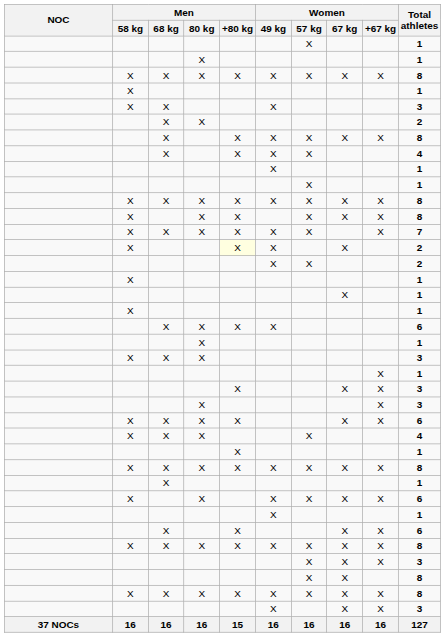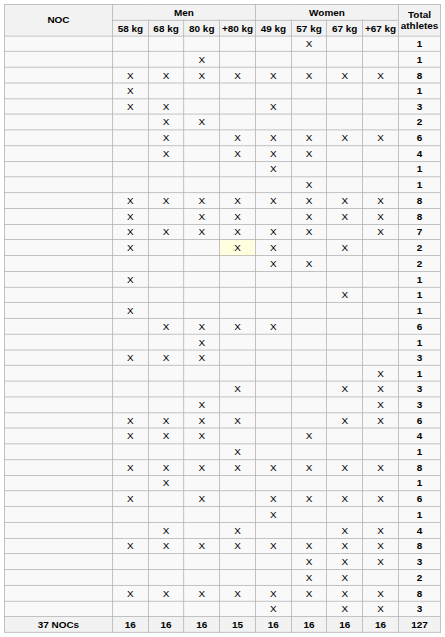 <table class="wikitable" style="text-align:center; font-size:90%">
 <tr>
 <th rowspan=2 width=150 align=left>NOC</th>
 <th colspan=4>Men</th>
 <th colspan=4>Women</th>
 <th rowspan=2>Total<br>athletes</th>
 </tr>
 <tr>
 <th width=45>58 kg</th>
 <th width=45>68 kg</th>
 <th width=45>80 kg</th>
 <th width=45>+80 kg</th>
 <th width=45>49 kg</th>
 <th width=45>57 kg</th>
 <th width=45>67 kg</th>
 <th width=45>+67 kg</th>
 </tr>
 <tr>
 <td align=left></td>
 <td></td>
 <td></td>
 <td></td>
 <td></td>
 <td></td>
 <td>X</td>
 <td></td>
 <td></td>
 <td><strong>1</strong></td>
 </tr>
 <tr>
 <td align=left></td>
 <td></td>
 <td></td>
 <td>X</td>
 <td></td>
 <td></td>
 <td></td>
 <td></td>
 <td></td>
 <td><strong>1</strong></td>
 </tr>
 <tr>
 <td align=left></td>
 <td>X</td>
 <td>X</td>
 <td>X</td>
 <td>X</td>
 <td>X</td>
 <td>X</td>
 <td>X</td>
 <td>X</td>
 <td><strong>8</strong></td>
 </tr>
 <tr>
 <td align=left></td>
 <td>X</td>
 <td></td>
 <td></td>
 <td></td>
 <td></td>
 <td></td>
 <td></td>
 <td></td>
 <td><strong>1</strong></td>
 </tr>
 <tr>
 <td align=left></td>
 <td>X</td>
 <td>X</td>
 <td></td>
 <td></td>
 <td>X</td>
 <td></td>
 <td></td>
 <td></td>
 <td><strong>3</strong></td>
 </tr>
 <tr>
 <td align=left></td>
 <td></td>
 <td>X</td>
 <td>X</td>
 <td></td>
 <td></td>
 <td></td>
 <td></td>
 <td></td>
 <td><strong>2</strong></td>
 </tr>
 <tr>
 <td align=left></td>
 <td></td>
 <td>X</td>
 <td></td>
 <td>X</td>
 <td>X</td>
 <td>X</td>
 <td>X</td>
 <td>X</td>
-<td><strong>8</strong></td>
+<td><strong>6</strong></td>
 </tr>
 <tr>
 <td align=left></td>
 <td></td>
 <td>X</td>
 <td></td>
 <td>X</td>
 <td>X</td>
 <td>X</td>
 <td></td>
 <td></td>
 <td><strong>4</strong></td>
 </tr>
 <tr>
 <td align=left></td>
 <td></td>
 <td></td>
 <td></td>
 <td></td>
 <td>X</td>
 <td></td>
 <td></td>
 <td></td>
 <td><strong>1</strong></td>
 </tr>
 <tr>
 <td align=left></td>
 <td></td>
 <td></td>
 <td></td>
 <td></td>
 <td></td>
 <td>X</td>
 <td></td>
 <td></td>
 <td><strong>1</strong></td>
 </tr>
 <tr>
 <td align=left></td>
 <td>X</td>
 <td>X</td>
 <td>X</td>
 <td>X</td>
 <td>X</td>
 <td>X</td>
 <td>X</td>
 <td>X</td>
 <td><strong>8</strong></td>
 </tr>
 <tr>
 <td align=left></td>
 <td>X</td>
 <td></td>
 <td>X</td>
 <td>X</td>
 <td></td>
 <td>X</td>
 <td>X</td>
 <td>X</td>
 <td><strong>8</strong></td>
 </tr>
 <tr>
 <td align=left></td>
 <td>X</td>
 <td>X</td>
 <td>X</td>
 <td>X</td>
 <td>X</td>
 <td>X</td>
 <td></td>
 <td>X</td>
 <td><strong>7</strong></td>
 </tr>
 <tr>
 <td align=left></td>
 <td>X</td>
 <td></td>
 <td></td>
 <td style="background: lightyellow;">X</td>
 <td>X</td>
 <td></td>
 <td>X</td>
 <td></td>
 <td><strong>2</strong></td>
 </tr>
 <tr>
 <td align=left></td>
 <td></td>
 <td></td>
 <td></td>
 <td></td>
 <td>X</td>
 <td>X</td>
 <td></td>
 <td></td>
 <td><strong>2</strong></td>
 </tr>
 <tr>
 <td align=left></td>
 <td>X</td>
 <td></td>
 <td></td>
 <td></td>
 <td></td>
 <td></td>
 <td></td>
 <td></td>
 <td><strong>1</strong></td>
 </tr>
 <tr>
 <td align=left></td>
 <td></td>
 <td></td>
 <td></td>
 <td></td>
 <td></td>
 <td></td>
 <td>X</td>
 <td></td>
 <td><strong>1</strong></td>
 </tr>
 <tr>
 <td align=left></td>
 <td>X</td>
 <td></td>
 <td></td>
 <td></td>
 <td></td>
 <td></td>
 <td></td>
 <td></td>
 <td><strong>1</strong></td>
 </tr>
 <tr>
 <td align=left></td>
 <td></td>
 <td>X</td>
 <td>X</td>
 <td>X</td>
 <td>X</td>
 <td></td>
 <td></td>
 <td></td>
 <td><strong>6</strong></td>
 </tr>
 <tr>
 <td align=left></td>
 <td></td>
 <td></td>
 <td>X</td>
 <td></td>
 <td></td>
 <td></td>
 <td></td>
 <td></td>
 <td><strong>1</strong></td>
 </tr>
 <tr>
 <td align=left></td>
 <td>X</td>
 <td>X</td>
 <td>X</td>
 <td></td>
 <td></td>
 <td></td>
 <td></td>
 <td></td>
 <td><strong>3</strong></td>
 </tr>
 <tr>
 <td align=left></td>
 <td></td>
 <td></td>
 <td></td>
 <td></td>
 <td></td>
 <td></td>
 <td></td>
 <td>X</td>
 <td><strong>1</strong></td>
 </tr>
 <tr>
 <td align=left></td>
 <td></td>
 <td></td>
 <td></td>
 <td>X</td>
 <td></td>
 <td></td>
 <td>X</td>
 <td>X</td>
 <td><strong>3</strong></td>
 </tr>
 <tr>
 <td align=left></td>
 <td></td>
 <td></td>
 <td>X</td>
 <td></td>
 <td></td>
 <td></td>
 <td></td>
 <td>X</td>
 <td><strong>3</strong></td>
 </tr>
 <tr>
 <td align=left></td>
 <td>X</td>
 <td>X</td>
 <td>X</td>
 <td>X</td>
 <td></td>
 <td></td>
 <td>X</td>
 <td>X</td>
 <td><strong>6</strong></td>
 </tr>
 <tr>
 <td align=left></td>
 <td>X</td>
 <td>X</td>
 <td>X</td>
 <td></td>
 <td></td>
 <td>X</td>
 <td></td>
 <td></td>
 <td><strong>4</strong></td>
 </tr>
 <tr>
 <td align=left></td>
 <td></td>
 <td></td>
 <td></td>
 <td>X</td>
 <td></td>
 <td></td>
 <td></td>
 <td></td>
 <td><strong>1</strong></td>
 </tr>
 <tr>
 <td align=left></td>
 <td>X</td>
 <td>X</td>
 <td>X</td>
 <td>X</td>
 <td>X</td>
 <td>X</td>
 <td>X</td>
 <td>X</td>
 <td><strong>8</strong></td>
 </tr>
 <tr>
 <td align=left></td>
 <td></td>
 <td>X</td>
 <td></td>
 <td></td>
 <td></td>
 <td></td>
 <td></td>
 <td></td>
 <td><strong>1</strong></td>
 </tr>
 <tr>
 <td align=left></td>
 <td>X</td>
 <td></td>
 <td>X</td>
 <td></td>
 <td>X</td>
 <td>X</td>
 <td>X</td>
 <td>X</td>
 <td><strong>6</strong></td>
 </tr>
 <tr>
 <td align=left></td>
 <td></td>
 <td></td>
 <td></td>
 <td></td>
 <td>X</td>
 <td></td>
 <td></td>
 <td></td>
 <td><strong>1</strong></td>
 </tr>
 <tr>
 <td align=left></td>
 <td></td>
 <td>X</td>
 <td></td>
 <td>X</td>
 <td></td>
 <td></td>
 <td>X</td>
 <td>X</td>
-<td><strong>6</strong></td>
+<td><strong>4</strong></td>
 </tr>
 <tr>
 <td align=left></td>
 <td>X</td>
 <td>X</td>
 <td>X</td>
 <td>X</td>
 <td>X</td>
 <td>X</td>
 <td>X</td>
 <td>X</td>
 <td><strong>8</strong></td>
 </tr>
 <tr>
 <td align=left></td>
 <td></td>
 <td></td>
 <td></td>
 <td></td>
 <td></td>
 <td>X</td>
 <td>X</td>
 <td>X</td>
 <td><strong>3</strong></td>
 </tr>
 <tr>
 <td align=left></td>
 <td></td>
 <td></td>
 <td></td>
 <td></td>
 <td></td>
 <td>X</td>
 <td>X</td>
 <td></td>
-<td><strong>8</strong></td>
+<td><strong>2</strong></td>
 </tr>
 <tr>
 <td align=left></td>
 <td>X</td>
 <td>X</td>
 <td>X</td>
 <td>X</td>
 <td>X</td>
 <td>X</td>
 <td>X</td>
 <td>X</td>
 <td><strong>8</strong></td>
 </tr>
 <tr>
 <td align=left></td>
 <td></td>
 <td></td>
 <td></td>
 <td></td>
 <td>X</td>
 <td></td>
 <td>X</td>
 <td>X</td>
 <td><strong>3</strong></td>
 </tr>
 <tr>
 <th>37 NOCs</th>
 <th>16</th>
 <th>16</th>
 <th>16</th>
 <th>15</th>
 <th>16</th>
 <th>16</th>
 <th>16</th>
 <th>16</th>
 <th>127</th>
 </tr>
 </table>
